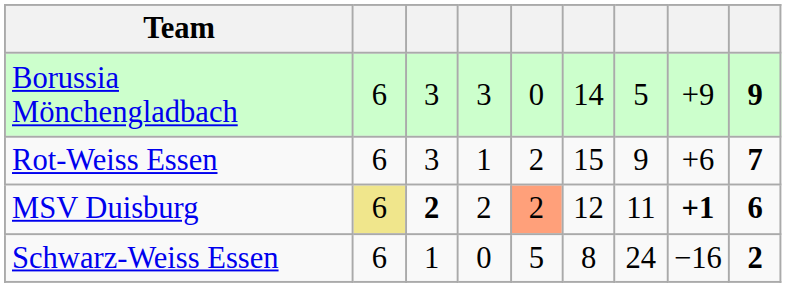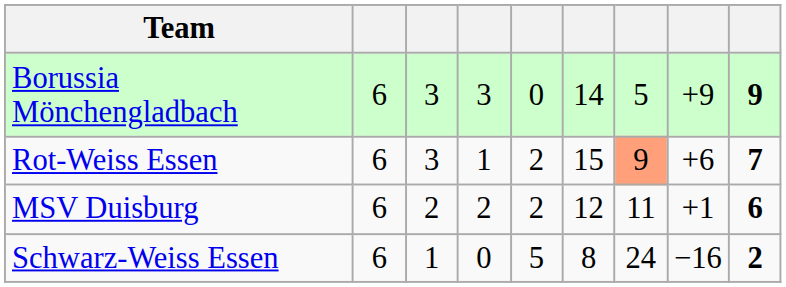 <table class="wikitable" style="text-align: center;">
 <tr>
 <th width=175>Team</th>
 <th width=20></th>
 <th width=20></th>
 <th width=20></th>
 <th width=20></th>
 <th width=20></th>
 <th width=20></th>
 <th width=20></th>
 <th width=20></th>
 </tr>
 <tr bgcolor="#ccffcc">
 <td align=left><a href='#'>Borussia Mönchengladbach</a></td>
 <td>6</td>
 <td>3</td>
 <td>3</td>
 <td>0</td>
 <td>14</td>
 <td>5</td>
 <td>+9</td>
 <td><strong>9</strong></td>
 </tr>
 <tr>
 <td align=left><a href='#'>Rot-Weiss Essen</a></td>
 <td>6</td>
 <td>3</td>
 <td>1</td>
 <td>2</td>
 <td>15</td>
-<td>9</td>
+<td style="background: lightsalmon;">9</td>
 <td>+6</td>
 <td><strong>7</strong></td>
 </tr>
 <tr>
 <td align=left><a href='#'>MSV Duisburg</a></td>
-<td style="background: khaki;">6</td>
-<td><strong>2</strong></td>
+<td>6</td>
 <td>2</td>
-<td style="background: lightsalmon;">2</td>
+<td>2</td>
+<td>2</td>
 <td>12</td>
 <td>11</td>
-<td><strong>+1</strong></td>
+<td>+1</td>
 <td><strong>6</strong></td>
 </tr>
 <tr>
 <td align=left><a href='#'>Schwarz-Weiss Essen</a></td>
 <td>6</td>
 <td>1</td>
 <td>0</td>
 <td>5</td>
 <td>8</td>
 <td>24</td>
 <td>−16</td>
 <td><strong>2</strong></td>
 </tr>
 </table>
